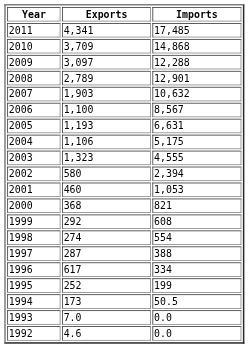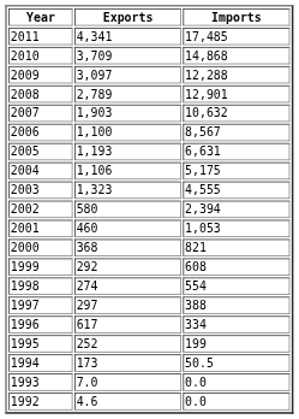 <table border=2 align=center width=25% style="text-algin:right;">
 <tr>
 <th>Year</th>
 <th>Exports</th>
 <th>Imports</th>
 </tr>
 <tr>
 <td>2011</td>
 <td>4,341</td>
 <td>17,485</td>
 </tr>
 <tr>
 <td>2010</td>
 <td>3,709</td>
 <td>14,868</td>
 </tr>
 <tr>
 <td>2009</td>
 <td>3,097</td>
 <td>12,288</td>
 </tr>
 <tr>
 <td>2008</td>
 <td>2,789</td>
 <td>12,901</td>
 </tr>
 <tr>
 <td>2007</td>
 <td>1,903</td>
 <td>10,632</td>
 </tr>
 <tr>
 <td>2006</td>
 <td>1,100</td>
 <td>8,567</td>
 </tr>
 <tr>
 <td>2005</td>
 <td>1,193</td>
 <td>6,631</td>
 </tr>
 <tr>
 <td>2004</td>
 <td>1,106</td>
 <td>5,175</td>
 </tr>
 <tr>
 <td>2003</td>
 <td>1,323</td>
 <td>4,555</td>
 </tr>
 <tr>
 <td>2002</td>
 <td>580</td>
 <td>2,394</td>
 </tr>
 <tr>
 <td>2001</td>
 <td>460</td>
 <td>1,053</td>
 </tr>
 <tr>
 <td>2000</td>
 <td>368</td>
 <td>821</td>
 </tr>
 <tr>
 <td>1999</td>
 <td>292</td>
 <td>608</td>
 </tr>
 <tr>
 <td>1998</td>
 <td>274</td>
 <td>554</td>
 </tr>
 <tr>
 <td>1997</td>
-<td>287</td>
+<td>297</td>
 <td>388</td>
 </tr>
 <tr>
 <td>1996</td>
 <td>617</td>
 <td>334</td>
 </tr>
 <tr>
 <td>1995</td>
 <td>252</td>
 <td>199</td>
 </tr>
 <tr>
 <td>1994</td>
 <td>173</td>
 <td>50.5</td>
 </tr>
 <tr>
 <td>1993</td>
 <td>7.0</td>
 <td>0.0</td>
 </tr>
 <tr>
 <td>1992</td>
 <td>4.6</td>
 <td>0.0</td>
 </tr>
 </table>
